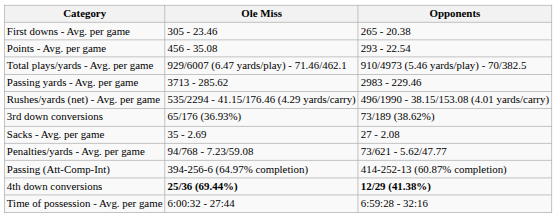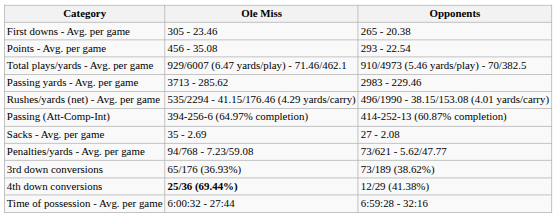 <table class="wikitable" style="float: left;">
 <tr>
 <th>Category</th>
 <th>Ole Miss</th>
 <th>Opponents</th>
 </tr>
 <tr>
 <td>First downs - Avg. per game</td>
 <td>305 - 23.46</td>
 <td>265 - 20.38</td>
 </tr>
 <tr>
 <td>Points - Avg. per game</td>
 <td>456 - 35.08</td>
 <td>293 - 22.54</td>
 </tr>
 <tr>
 <td>Total plays/yards - Avg. per game</td>
 <td>929/6007 (6.47 yards/play) - 71.46/462.1</td>
 <td>910/4973 (5.46 yards/play) - 70/382.5</td>
 </tr>
 <tr>
 <td>Passing yards - Avg. per game</td>
 <td>3713 - 285.62</td>
 <td>2983 - 229.46</td>
 </tr>
 <tr>
 <td>Rushes/yards (net) - Avg. per game</td>
 <td>535/2294 - 41.15/176.46 (4.29 yards/carry)</td>
 <td>496/1990 - 38.15/153.08 (4.01 yards/carry)</td>
 </tr>
 <tr>
-<td>3rd down conversions</td>
-<td>65/176 (36.93%)</td>
-<td>73/189 (38.62%)</td>
+<td>Passing (Att-Comp-Int)</td>
+<td>394-256-6 (64.97% completion)</td>
+<td>414-252-13 (60.87% completion)</td>
 </tr>
 <tr>
 <td>Sacks - Avg. per game</td>
 <td>35 - 2.69</td>
 <td>27 - 2.08</td>
 </tr>
 <tr>
 <td>Penalties/yards - Avg. per game</td>
 <td>94/768 - 7.23/59.08</td>
 <td>73/621 - 5.62/47.77</td>
 </tr>
 <tr>
-<td>Passing (Att-Comp-Int)</td>
-<td>394-256-6 (64.97% completion)</td>
-<td>414-252-13 (60.87% completion)</td>
+<td>3rd down conversions</td>
+<td>65/176 (36.93%)</td>
+<td>73/189 (38.62%)</td>
 </tr>
 <tr>
 <td>4th down conversions</td>
 <td><strong>25/36 (69.44%)</strong></td>
-<td><strong>12/29 (41.38%)</strong></td>
+<td>12/29 (41.38%)</td>
 </tr>
 <tr>
 <td>Time of possession - Avg. per game</td>
 <td>6:00:32 - 27:44</td>
 <td>6:59:28 - 32:16</td>
 </tr>
 </table>
